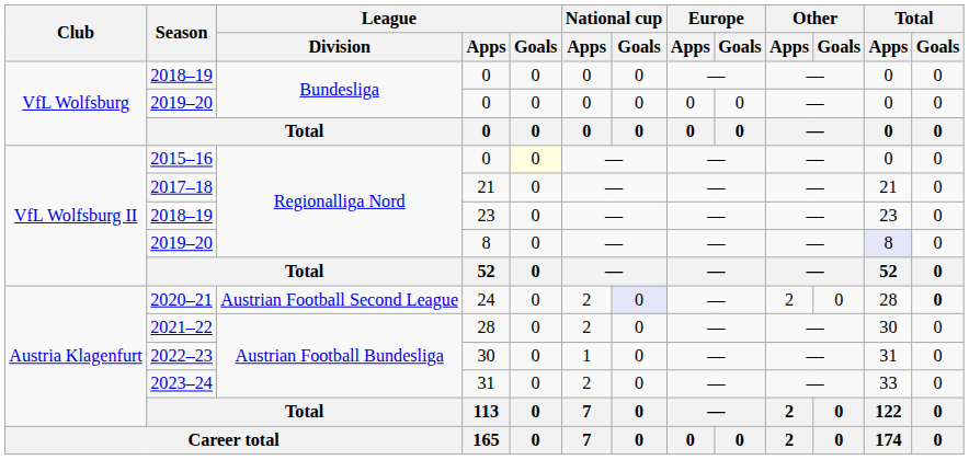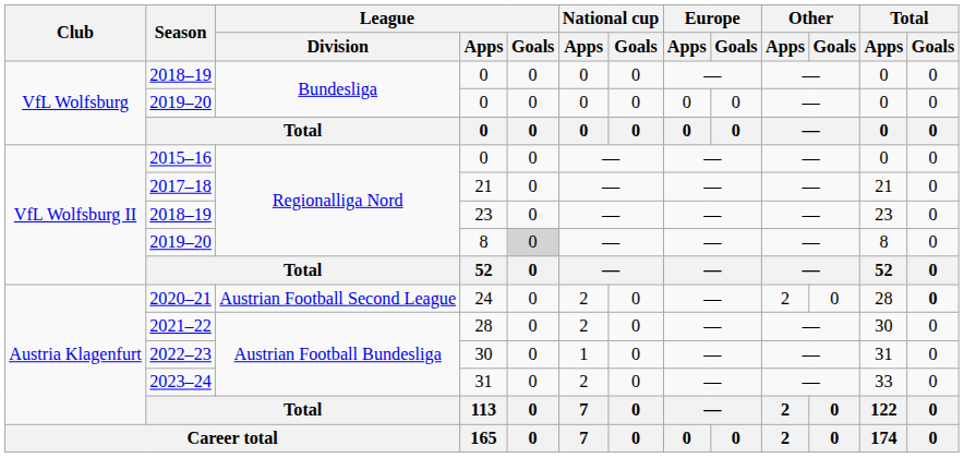 <table class="wikitable" style="text-align: center">
 <tr>
 <th rowspan="2">Club</th>
 <th rowspan="2">Season</th>
 <th colspan="3">League</th>
 <th colspan="2">National cup</th>
 <th colspan="2">Europe</th>
 <th colspan="2">Other</th>
 <th colspan="2">Total</th>
 </tr>
 <tr>
 <th>Division</th>
 <th>Apps</th>
 <th>Goals</th>
 <th>Apps</th>
 <th>Goals</th>
 <th>Apps</th>
 <th>Goals</th>
 <th>Apps</th>
 <th>Goals</th>
 <th>Apps</th>
 <th>Goals</th>
 </tr>
 <tr>
 <td rowspan="3"><a href='#'>VfL Wolfsburg</a></td>
 <td><a href='#'>2018–19</a></td>
 <td rowspan="2"><a href='#'>Bundesliga</a></td>
 <td>0</td>
 <td>0</td>
 <td>0</td>
 <td>0</td>
 <td colspan="2">—</td>
 <td colspan="2">—</td>
 <td>0</td>
 <td>0</td>
 </tr>
 <tr>
 <td><a href='#'>2019–20</a></td>
 <td>0</td>
 <td>0</td>
 <td>0</td>
 <td>0</td>
 <td>0</td>
 <td>0</td>
 <td colspan="2">—</td>
 <td>0</td>
 <td>0</td>
 </tr>
 <tr>
 <th colspan="2">Total</th>
 <th>0</th>
 <th>0</th>
 <th>0</th>
 <th>0</th>
 <th>0</th>
 <th>0</th>
 <th colspan="2">—</th>
 <th>0</th>
 <th>0</th>
 </tr>
 <tr>
 <td rowspan="5"><a href='#'>VfL Wolfsburg II</a></td>
 <td><a href='#'>2015–16</a></td>
 <td rowspan="4"><a href='#'>Regionalliga Nord</a></td>
 <td>0</td>
-<td style="background: lightyellow;">0</td>
+<td>0</td>
 <td colspan="2">—</td>
 <td colspan="2">—</td>
 <td colspan="2">—</td>
 <td>0</td>
 <td>0</td>
 </tr>
 <tr>
 <td><a href='#'>2017–18</a></td>
 <td>21</td>
 <td>0</td>
 <td colspan="2">—</td>
 <td colspan="2">—</td>
 <td colspan="2">—</td>
 <td>21</td>
 <td>0</td>
 </tr>
 <tr>
 <td><a href='#'>2018–19</a></td>
 <td>23</td>
 <td>0</td>
 <td colspan="2">—</td>
 <td colspan="2">—</td>
 <td colspan="2">—</td>
 <td>23</td>
 <td>0</td>
 </tr>
 <tr>
 <td><a href='#'>2019–20</a></td>
 <td>8</td>
-<td>0</td>
+<td style="background: lightgrey;">0</td>
 <td colspan="2">—</td>
 <td colspan="2">—</td>
 <td colspan="2">—</td>
-<td style="background: lavender;">8</td>
+<td>8</td>
 <td>0</td>
 </tr>
 <tr>
 <th colspan="2">Total</th>
 <th>52</th>
 <th>0</th>
 <th colspan="2">—</th>
 <th colspan="2">—</th>
 <th colspan="2">—</th>
 <th>52</th>
 <th>0</th>
 </tr>
 <tr>
 <td rowspan="5"><a href='#'>Austria Klagenfurt</a></td>
 <td><a href='#'>2020–21</a></td>
 <td><a href='#'>Austrian Football Second League</a></td>
 <td>24</td>
 <td>0</td>
 <td>2</td>
-<td style="background: lavender;">0</td>
+<td>0</td>
 <td colspan="2">—</td>
 <td>2</td>
 <td>0</td>
 <td>28</td>
 <td><strong>0</strong></td>
 </tr>
 <tr>
 <td><a href='#'>2021–22</a></td>
 <td rowspan="3"><a href='#'>Austrian Football Bundesliga</a></td>
 <td>28</td>
 <td>0</td>
 <td>2</td>
 <td>0</td>
 <td colspan="2">—</td>
 <td colspan="2">—</td>
 <td>30</td>
 <td>0</td>
 </tr>
 <tr>
 <td><a href='#'>2022–23</a></td>
 <td>30</td>
 <td>0</td>
 <td>1</td>
 <td>0</td>
 <td colspan="2">—</td>
 <td colspan="2">—</td>
 <td>31</td>
 <td>0</td>
 </tr>
 <tr>
 <td><a href='#'>2023–24</a></td>
 <td>31</td>
 <td>0</td>
 <td>2</td>
 <td>0</td>
 <td colspan="2">—</td>
 <td colspan="2">—</td>
 <td>33</td>
 <td>0</td>
 </tr>
 <tr>
 <th colspan="2">Total</th>
 <th>113</th>
 <th>0</th>
 <th>7</th>
 <th>0</th>
 <th colspan="2">—</th>
 <th>2</th>
 <th>0</th>
 <th>122</th>
 <th>0</th>
 </tr>
 <tr>
 <th colspan="3">Career total</th>
 <th>165</th>
 <th>0</th>
 <th>7</th>
 <th>0</th>
 <th>0</th>
 <th>0</th>
 <th>2</th>
 <th>0</th>
 <th>174</th>
 <th>0</th>
 </tr>
 </table>
